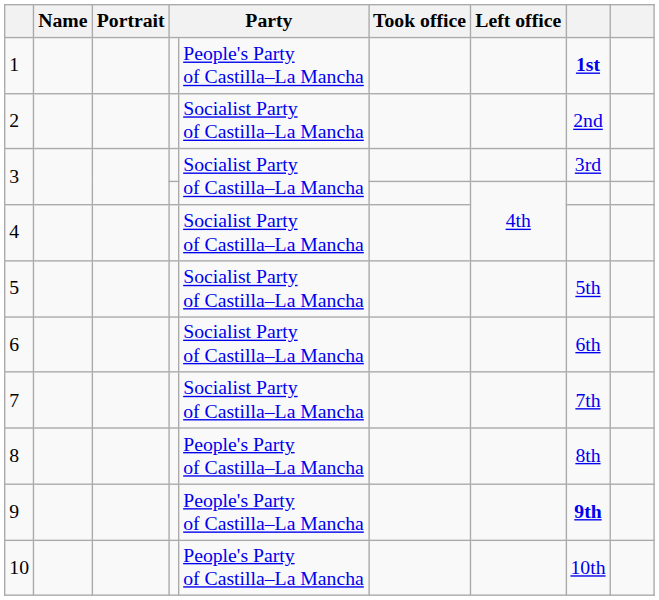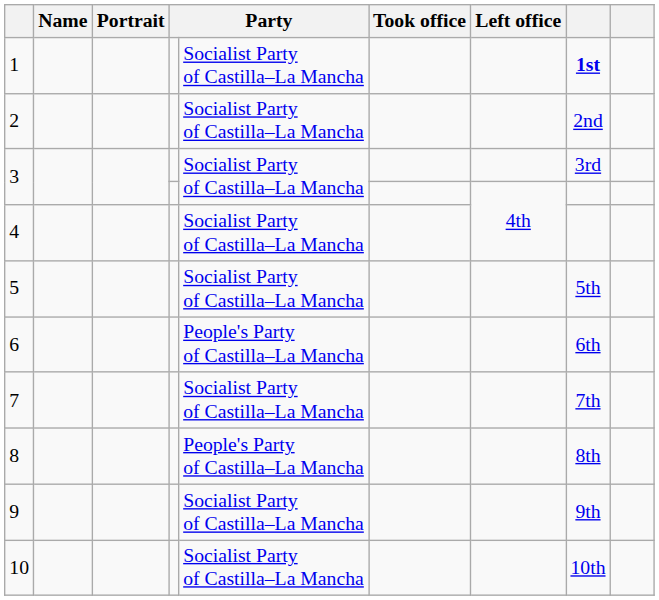 <table class="wikitable plainrowheaders sortable" style="font-size:90%; text-align:left;">
 <tr>
 <th scope=col></th>
 <th scope=col>Name</th>
 <th scope=col class=unsortable>Portrait</th>
 <th scope=col colspan="2">Party</th>
 <th scope=col>Took office</th>
 <th scope=col>Left office</th>
 <th scope=col></th>
 <th scope=col width=25px class=unsortable></th>
 </tr>
 <tr>
 <td>1</td>
 <td style="white-space: nowrap;"></td>
 <td align=center></td>
 <td !align="center" style="background:"></td>
-<td><a href='#'>People's Party<br>of Castilla–La Mancha</a></td>
+<td><a href='#'>Socialist Party<br>of Castilla–La Mancha</a></td>
 <td align=center></td>
 <td align=center></td>
 <td align=center><strong><a href='#'>1st</a></strong></td>
 <td align=center></td>
 </tr>
 <tr>
 <td>2</td>
 <td style="white-space: nowrap;"></td>
 <td align=center></td>
 <td !align="center" style="background:"></td>
 <td><a href='#'>Socialist Party<br>of Castilla–La Mancha</a></td>
 <td align=center></td>
 <td align=center></td>
 <td align=center><a href='#'>2nd</a></td>
 <td align=center></td>
 </tr>
 <tr>
 <td rowspan=2>3</td>
 <td style="white-space: nowrap;" rowspan=2></td>
 <td align=center rowspan=2></td>
 <td !align="center" style="background:"></td>
 <td rowspan=2><a href='#'>Socialist Party<br>of Castilla–La Mancha</a></td>
 <td align=center></td>
 <td align=center></td>
 <td align=center><a href='#'>3rd</a></td>
 <td align=center></td>
 </tr>
 <tr>
 <td align=center></td>
 <td align=center></td>
 <td align=center rowspan=2><a href='#'>4th</a></td>
 <td align=center></td>
 </tr>
 <tr>
 <td>4</td>
 <td style="white-space: nowrap;"></td>
 <td align=center></td>
 <td !align="center" style="background:"></td>
 <td><a href='#'>Socialist Party<br>of Castilla–La Mancha</a></td>
 <td align=center></td>
 <td align=center></td>
 <td align=center></td>
 </tr>
 <tr>
 <td>5</td>
 <td style="white-space: nowrap;"></td>
 <td align=center></td>
 <td !align="center" style="background:"></td>
 <td><a href='#'>Socialist Party<br>of Castilla–La Mancha</a></td>
 <td align=center></td>
 <td align=center></td>
 <td align=center><a href='#'>5th</a></td>
 <td align=center></td>
 </tr>
 <tr>
 <td>6</td>
 <td style="white-space: nowrap;"></td>
 <td align=center></td>
 <td !align="center" style="background:"></td>
-<td><a href='#'>Socialist Party<br>of Castilla–La Mancha</a></td>
+<td><a href='#'>People's Party<br>of Castilla–La Mancha</a></td>
 <td align=center></td>
 <td align=center></td>
 <td align=center><a href='#'>6th</a></td>
 <td align=center></td>
 </tr>
 <tr>
 <td>7</td>
 <td style="white-space: nowrap;"></td>
 <td align=center></td>
 <td !align="center" style="background:"></td>
 <td><a href='#'>Socialist Party<br>of Castilla–La Mancha</a></td>
 <td align=center></td>
 <td align=center></td>
 <td align=center><a href='#'>7th</a></td>
 <td align=center></td>
 </tr>
 <tr>
 <td>8</td>
 <td style="white-space: nowrap;"></td>
 <td align=center></td>
 <td !align="center" style="background:"></td>
 <td><a href='#'>People's Party<br>of Castilla–La Mancha</a></td>
 <td align=center></td>
 <td align=center></td>
 <td align=center><a href='#'>8th</a></td>
 <td align=center></td>
 </tr>
 <tr>
 <td>9</td>
 <td style="white-space: nowrap;"></td>
 <td align=center></td>
 <td !align="center" style="background:"></td>
-<td><a href='#'>People's Party<br>of Castilla–La Mancha</a></td>
+<td><a href='#'>Socialist Party<br>of Castilla–La Mancha</a></td>
 <td align=center></td>
 <td align=center></td>
-<td align=center><strong><a href='#'>9th</a></strong></td>
+<td align=center><a href='#'>9th</a></td>
 <td align=center></td>
 </tr>
 <tr>
 <td>10</td>
 <td style="white-space: nowrap;"></td>
 <td align=center></td>
 <td !align="center" style="background:"></td>
-<td><a href='#'>People's Party<br>of Castilla–La Mancha</a></td>
+<td><a href='#'>Socialist Party<br>of Castilla–La Mancha</a></td>
 <td align=center></td>
 <td></td>
 <td align=center><a href='#'>10th</a></td>
 <td align=center></td>
 </tr>
 </table>
